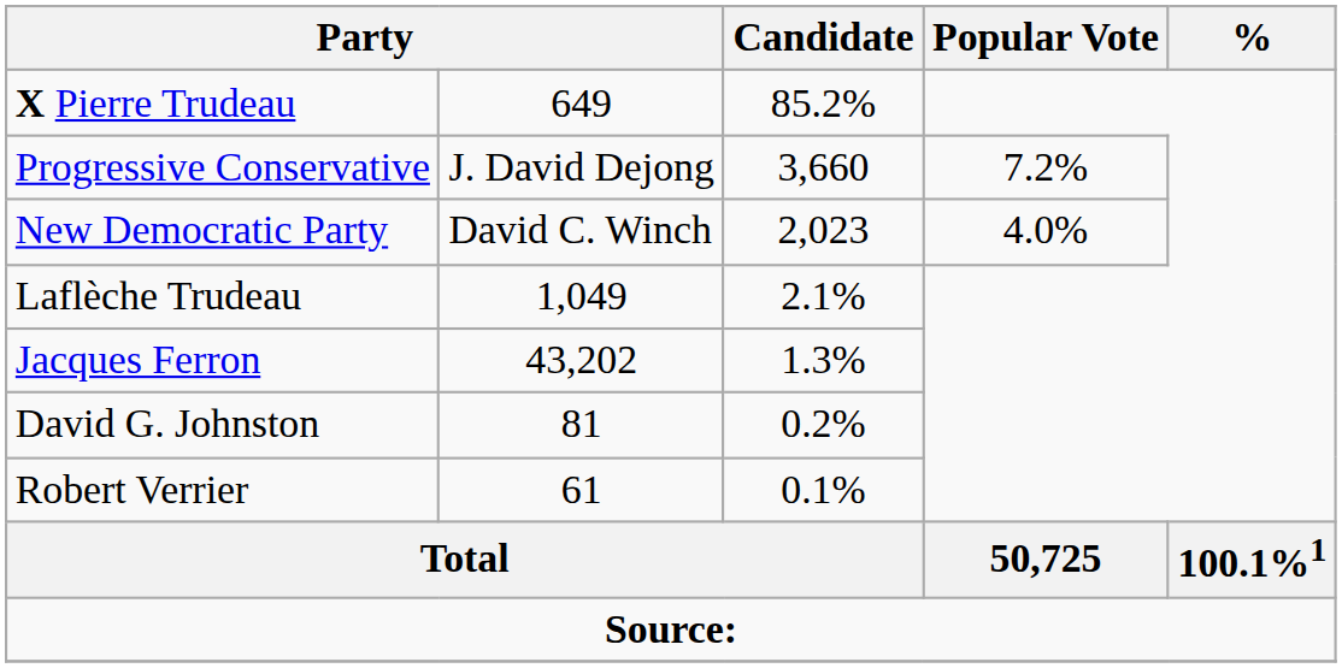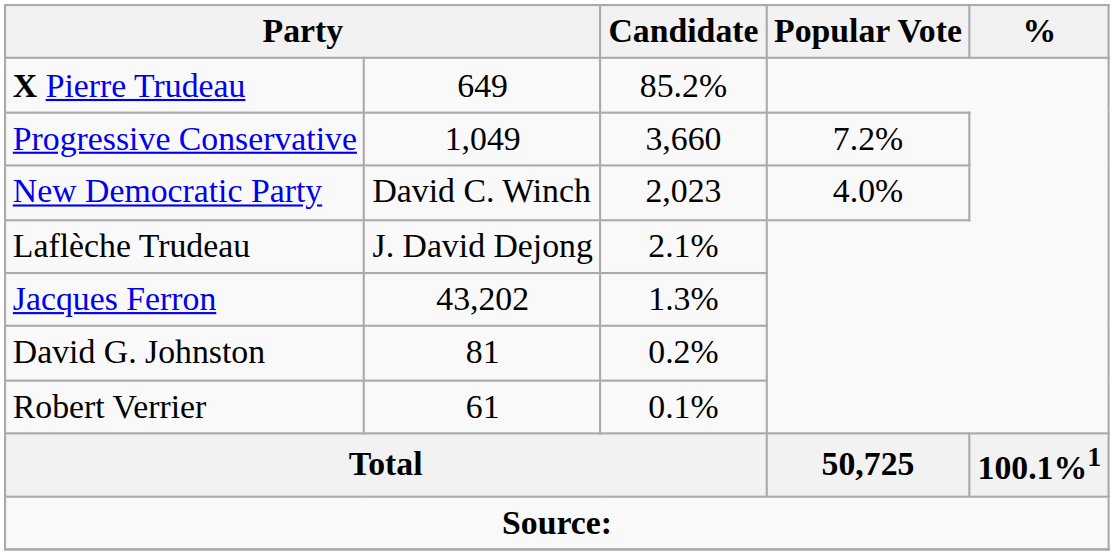 <table class="wikitable">
 <tr>
 <th colspan="2">Party</th>
 <th>Candidate</th>
 <th>Popular Vote</th>
 <th>%</th>
 </tr>
 <tr>
 <td> <strong>X</strong> <a href='#'>Pierre Trudeau</a></td>
 <td align=center>649</td>
 <td align=center>85.2%</td>
 </tr>
 <tr>
 <td><a href='#'>Progressive Conservative</a></td>
-<td>J. David Dejong</td>
+<td align=center>1,049</td>
 <td align=center>3,660</td>
 <td align=center>7.2%</td>
 </tr>
 <tr>
 <td><a href='#'>New Democratic Party</a></td>
 <td>David C. Winch</td>
 <td align=center>2,023</td>
 <td align=center>4.0%</td>
 </tr>
 <tr>
 <td>Laflèche Trudeau</td>
-<td align=center>1,049</td>
+<td>J. David Dejong</td>
 <td align=center>2.1%</td>
 </tr>
 <tr>
 <td><a href='#'>Jacques Ferron</a></td>
 <td align=center>43,202</td>
 <td align=center>1.3%</td>
 </tr>
 <tr>
 <td>David G. Johnston</td>
 <td align=center>81</td>
 <td align=center>0.2%</td>
 </tr>
 <tr>
 <td>Robert Verrier</td>
 <td align=center>61</td>
 <td align=center>0.1%</td>
 </tr>
 <tr>
 <th colspan=3 align=center>Total</th>
 <th align=right>50,725</th>
 <th align=right>100.1%<sup>1</sup></th>
 </tr>
 <tr>
 <td align="center" colspan=5><strong>Source:</strong> </td>
 </tr>
 <tr>
 </tr>
 </table>
